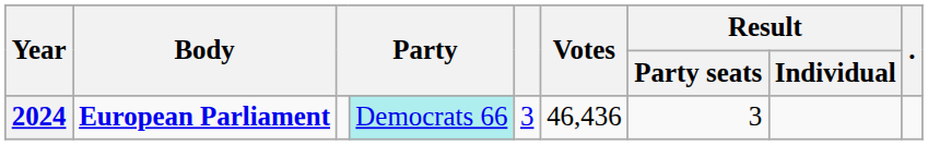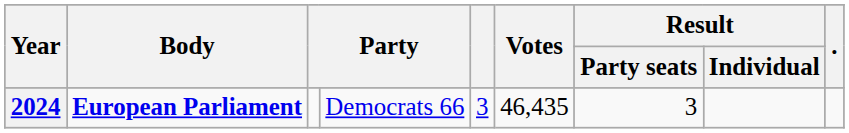 <table class="wikitable plainrowheaders sortable" border=2 cellpadding=4 cellspacing=0 style="border: 1px #aaa solid; font-size: 90%; text-align:center;">
 <tr>
 <th scope="col" rowspan=2>Year</th>
 <th scope="col" rowspan=2>Body</th>
 <th scope="col" colspan=2 rowspan=2>Party</th>
 <th scope="col" rowspan=2></th>
 <th scope="col" rowspan=2>Votes</th>
 <th scope="colgroup" colspan=2>Result</th>
 <th scope="col" rowspan=2>.</th>
 </tr>
 <tr>
 <th scope="col">Party seats</th>
 <th scope="col">Individual</th>
 </tr>
 <tr>
 <th scope="row"><a href='#'>2024</a></th>
 <td><strong><a href='#'>European Parliament</a></strong></td>
 <td style="background-color:"></td>
-<td style="background: paleturquoise;"><a href='#'>Democrats 66</a></td>
+<td><a href='#'>Democrats 66</a></td>
 <td style=text-align:right><a href='#'>3</a></td>
-<td style=text-align:right>46,436</td>
+<td style=text-align:right>46,435</td>
 <td style=text-align:right>3</td>
 <td></td>
 <td></td>
 </tr>
 </table>
